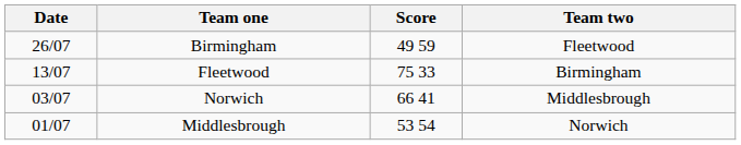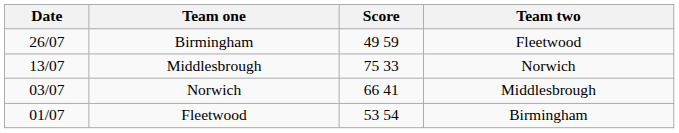 <table class="wikitable" style="text-align: center">
 <tr>
 <th width=80>Date</th>
 <th width=250>Team one</th>
 <th width=80>Score</th>
 <th width=250>Team two</th>
 </tr>
 <tr>
 <td>26/07</td>
 <td>Birmingham</td>
 <td>49	59</td>
 <td>Fleetwood</td>
 </tr>
 <tr>
 <td>13/07</td>
-<td>Fleetwood</td>
+<td>Middlesbrough</td>
 <td>75	33</td>
-<td>Birmingham</td>
+<td>Norwich</td>
 </tr>
 <tr>
 <td>03/07</td>
 <td>Norwich</td>
 <td>66	41</td>
 <td>Middlesbrough</td>
 </tr>
 <tr>
 <td>01/07</td>
-<td>Middlesbrough</td>
+<td>Fleetwood</td>
 <td>53	54</td>
-<td>Norwich</td>
+<td>Birmingham</td>
 </tr>
 </table>
